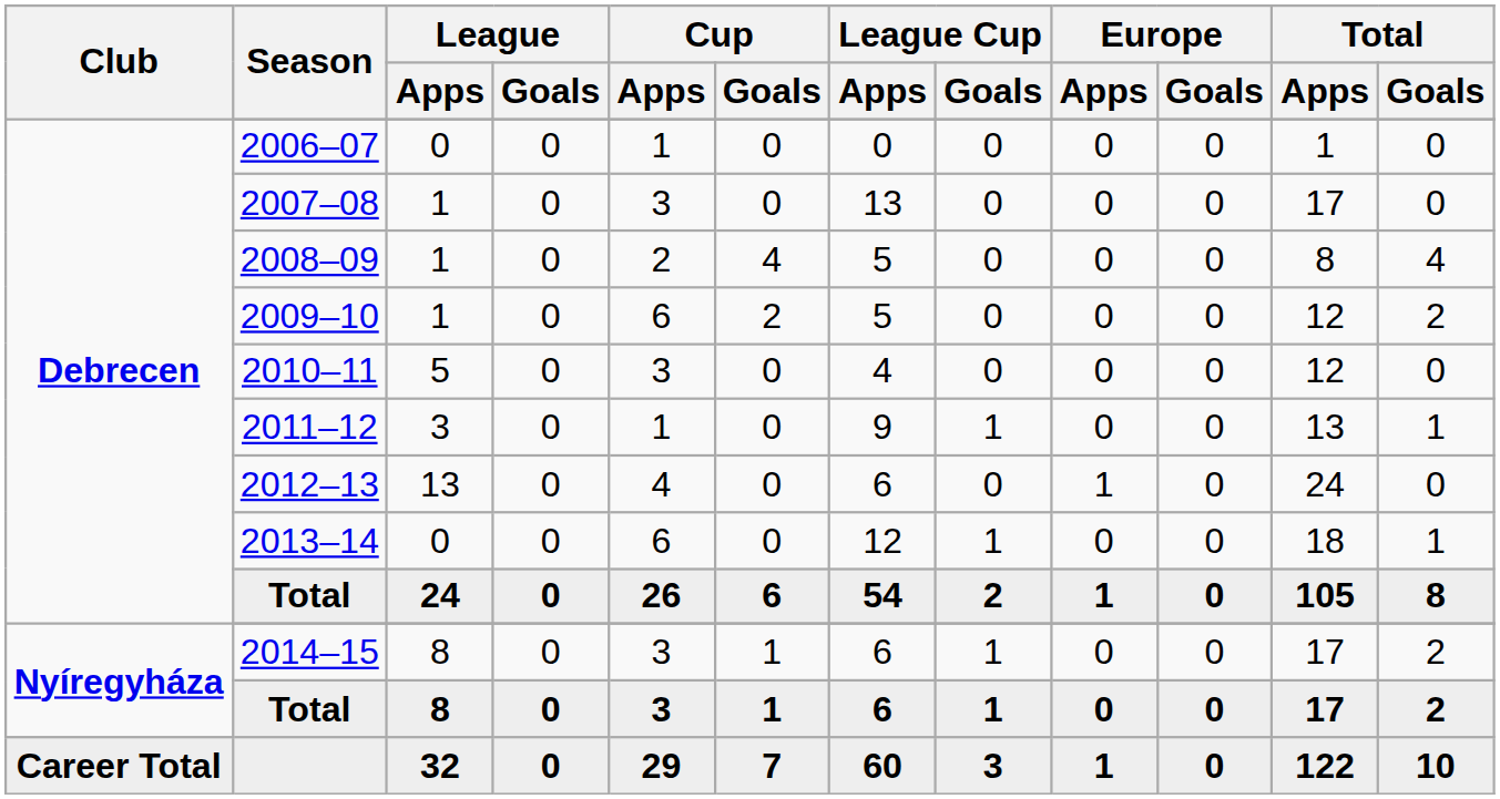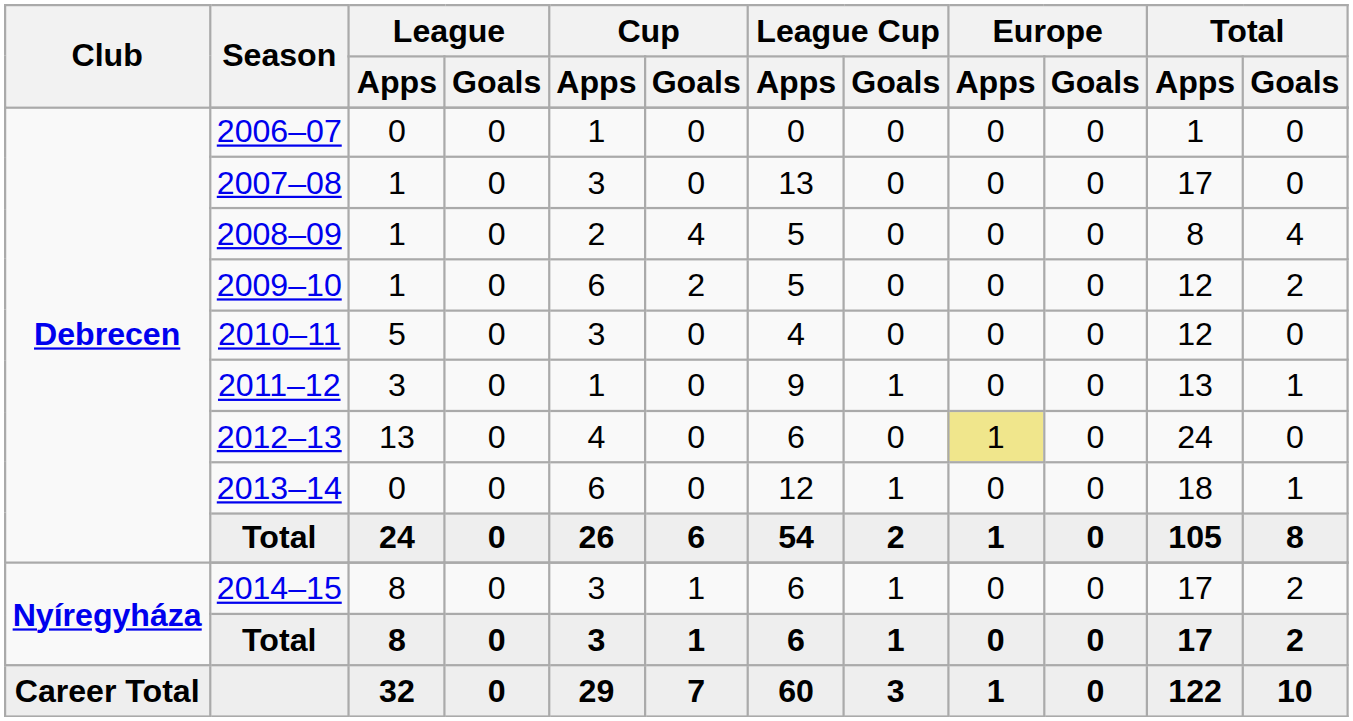 <table class="wikitable" style="font-size:90%; text-align: center;">
 <tr>
 <th rowspan="2">Club</th>
 <th rowspan="2">Season</th>
 <th colspan="2">League</th>
 <th colspan="2">Cup</th>
 <th colspan="2">League Cup</th>
 <th colspan="2">Europe</th>
 <th colspan="2">Total</th>
 </tr>
 <tr>
 <th>Apps</th>
 <th>Goals</th>
 <th>Apps</th>
 <th>Goals</th>
 <th>Apps</th>
 <th>Goals</th>
 <th>Apps</th>
 <th>Goals</th>
 <th>Apps</th>
 <th>Goals</th>
 </tr>
 <tr ||-||-||-|->
 <td rowspan="10" valign="center"><strong><a href='#'>Debrecen</a></strong></td>
 </tr>
 <tr>
 <td><a href='#'>2006–07</a></td>
 <td>0</td>
 <td>0</td>
 <td>1</td>
 <td>0</td>
 <td>0</td>
 <td>0</td>
 <td>0</td>
 <td>0</td>
 <td>1</td>
 <td>0</td>
 </tr>
 <tr>
 <td><a href='#'>2007–08</a></td>
 <td>1</td>
 <td>0</td>
 <td>3</td>
 <td>0</td>
 <td>13</td>
 <td>0</td>
 <td>0</td>
 <td>0</td>
 <td>17</td>
 <td>0</td>
 </tr>
 <tr>
 <td><a href='#'>2008–09</a></td>
 <td>1</td>
 <td>0</td>
 <td>2</td>
 <td>4</td>
 <td>5</td>
 <td>0</td>
 <td>0</td>
 <td>0</td>
 <td>8</td>
 <td>4</td>
 </tr>
 <tr>
 <td><a href='#'>2009–10</a></td>
 <td>1</td>
 <td>0</td>
 <td>6</td>
 <td>2</td>
 <td>5</td>
 <td>0</td>
 <td>0</td>
 <td>0</td>
 <td>12</td>
 <td>2</td>
 </tr>
 <tr>
 <td><a href='#'>2010–11</a></td>
 <td>5</td>
 <td>0</td>
 <td>3</td>
 <td>0</td>
 <td>4</td>
 <td>0</td>
 <td>0</td>
 <td>0</td>
 <td>12</td>
 <td>0</td>
 </tr>
 <tr>
 <td><a href='#'>2011–12</a></td>
 <td>3</td>
 <td>0</td>
 <td>1</td>
 <td>0</td>
 <td>9</td>
 <td>1</td>
 <td>0</td>
 <td>0</td>
 <td>13</td>
 <td>1</td>
 </tr>
 <tr>
 <td><a href='#'>2012–13</a></td>
 <td>13</td>
 <td>0</td>
 <td>4</td>
 <td>0</td>
 <td>6</td>
 <td>0</td>
-<td>1</td>
+<td style="background: khaki;">1</td>
 <td>0</td>
 <td>24</td>
 <td>0</td>
 </tr>
 <tr>
 <td><a href='#'>2013–14</a></td>
 <td>0</td>
 <td>0</td>
 <td>6</td>
 <td>0</td>
 <td>12</td>
 <td>1</td>
 <td>0</td>
 <td>0</td>
 <td>18</td>
 <td>1</td>
 </tr>
 <tr style="font-weight:bold; background-color:#eeeeee;">
 <td>Total</td>
 <td>24</td>
 <td>0</td>
 <td>26</td>
 <td>6</td>
 <td>54</td>
 <td>2</td>
 <td>1</td>
 <td>0</td>
 <td>105</td>
 <td>8</td>
 </tr>
 <tr>
 <td rowspan="3" valign="center"><strong><a href='#'>Nyíregyháza</a></strong></td>
 </tr>
 <tr>
 <td><a href='#'>2014–15</a></td>
 <td>8</td>
 <td>0</td>
 <td>3</td>
 <td>1</td>
 <td>6</td>
 <td>1</td>
 <td>0</td>
 <td>0</td>
 <td>17</td>
 <td>2</td>
 </tr>
 <tr style="font-weight:bold; background-color:#eeeeee;">
 <td>Total</td>
 <td>8</td>
 <td>0</td>
 <td>3</td>
 <td>1</td>
 <td>6</td>
 <td>1</td>
 <td>0</td>
 <td>0</td>
 <td>17</td>
 <td>2</td>
 </tr>
 <tr style="font-weight:bold; background-color:#eeeeee;">
 <td rowspan="1" valign="top"><strong>Career Total</strong></td>
 <td></td>
 <td><strong>32</strong></td>
 <td><strong>0</strong></td>
 <td><strong>29</strong></td>
 <td><strong>7</strong></td>
 <td><strong>60</strong></td>
 <td><strong>3</strong></td>
 <td><strong>1</strong></td>
 <td><strong>0</strong></td>
 <td><strong>122</strong></td>
 <td><strong>10</strong></td>
 </tr>
 </table>
